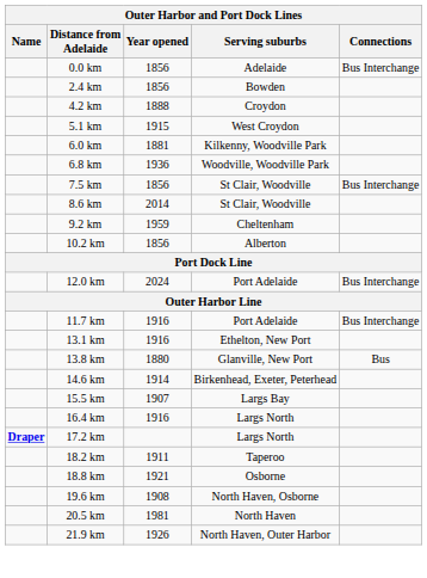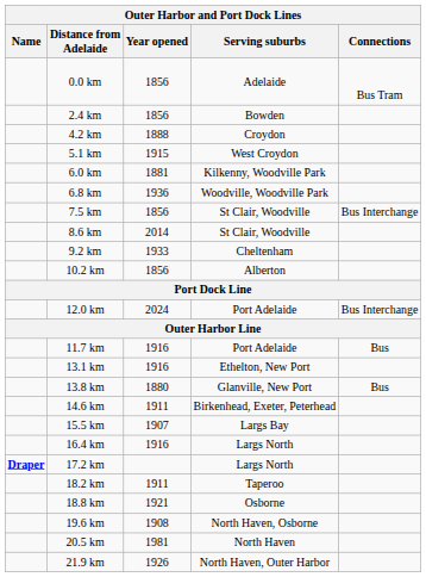 <table class="wikitable" style="font-size:95%; text-align:center;">
 <tr>
 <th colspan="7" style="background:#"><span>Outer Harbor and Port Dock Lines</span></th>
 </tr>
 <tr>
 <th>Name</th>
 <th>Distance from<br>Adelaide</th>
 <th>Year opened</th>
 <th>Serving suburbs</th>
 <th>Connections</th>
 </tr>
 <tr>
 <td><strong></strong></td>
 <td>0.0 km</td>
 <td>1856</td>
 <td>Adelaide</td>
-<td> Bus Interchange</td>
+<td>  <br><br> Bus  Tram</td>
 </tr>
 <tr>
 <td><strong></strong></td>
 <td>2.4 km</td>
 <td>1856</td>
 <td>Bowden</td>
 <td></td>
 </tr>
 <tr>
 <td><strong></strong></td>
 <td>4.2 km</td>
 <td>1888</td>
 <td>Croydon</td>
 <td></td>
 </tr>
 <tr>
 <td><strong></strong></td>
 <td>5.1 km</td>
 <td>1915</td>
 <td>West Croydon</td>
 <td></td>
 </tr>
 <tr>
 <td><strong></strong></td>
 <td>6.0 km</td>
 <td>1881</td>
 <td>Kilkenny, Woodville Park</td>
 <td></td>
 </tr>
 <tr>
 <td><strong></strong></td>
 <td>6.8 km</td>
 <td>1936</td>
 <td>Woodville, Woodville Park</td>
 <td></td>
 </tr>
 <tr>
 <td><strong></strong></td>
 <td>7.5 km</td>
 <td>1856</td>
 <td>St Clair, Woodville</td>
 <td> Bus Interchange</td>
 </tr>
 <tr>
 <td><strong></strong></td>
 <td>8.6 km</td>
 <td>2014</td>
 <td>St Clair, Woodville</td>
 <td></td>
 </tr>
 <tr>
 <td><strong></strong></td>
 <td>9.2 km</td>
-<td>1959</td>
+<td>1933</td>
 <td>Cheltenham</td>
 <td></td>
 </tr>
 <tr>
 <td><strong></strong></td>
 <td>10.2 km</td>
 <td>1856</td>
 <td>Alberton</td>
 <td></td>
 </tr>
 <tr>
 <th colspan="7" style="background:#"><span>Port Dock Line</span></th>
 </tr>
 <tr>
 <td><strong></strong></td>
 <td>12.0 km</td>
 <td>2024</td>
 <td>Port Adelaide</td>
 <td> Bus Interchange</td>
 </tr>
 <tr>
 <th colspan="7" style="background:#"><span>Outer Harbor Line</span></th>
 </tr>
 <tr>
 <td><strong></strong></td>
 <td>11.7 km</td>
 <td>1916</td>
 <td>Port Adelaide</td>
-<td> Bus Interchange</td>
+<td> Bus</td>
 </tr>
 <tr>
 <td><strong></strong></td>
 <td>13.1 km</td>
 <td>1916</td>
 <td>Ethelton, New Port</td>
 <td></td>
 </tr>
 <tr>
 <td><strong></strong></td>
 <td>13.8 km</td>
 <td>1880</td>
 <td>Glanville, New Port</td>
 <td> Bus</td>
 </tr>
 <tr>
 <td><strong></strong></td>
 <td>14.6 km</td>
-<td>1914</td>
+<td>1911</td>
 <td>Birkenhead, Exeter, Peterhead</td>
 <td></td>
 </tr>
 <tr>
 <td><strong></strong></td>
 <td>15.5 km</td>
 <td>1907</td>
 <td>Largs Bay</td>
 <td></td>
 </tr>
 <tr>
 <td><strong></strong></td>
 <td>16.4 km</td>
 <td>1916</td>
 <td>Largs North</td>
 <td></td>
 </tr>
 <tr>
 <td><strong><a href='#'>Draper</a></strong></td>
 <td>17.2 km</td>
 <td></td>
 <td>Largs North</td>
 <td></td>
 </tr>
 <tr>
 <td><strong></strong></td>
 <td>18.2 km</td>
 <td>1911</td>
 <td>Taperoo</td>
 <td></td>
 </tr>
 <tr>
 <td><strong></strong></td>
 <td>18.8 km</td>
 <td>1921</td>
 <td>Osborne</td>
 <td></td>
 </tr>
 <tr>
 <td><strong></strong></td>
 <td>19.6 km</td>
 <td>1908</td>
 <td>North Haven, Osborne</td>
 <td></td>
 </tr>
 <tr>
 <td><strong></strong></td>
 <td>20.5 km</td>
 <td>1981</td>
 <td>North Haven</td>
 <td></td>
 </tr>
 <tr>
 <td><strong></strong></td>
 <td>21.9 km</td>
 <td>1926</td>
 <td>North Haven, Outer Harbor</td>
 <td></td>
 </tr>
 </table>
